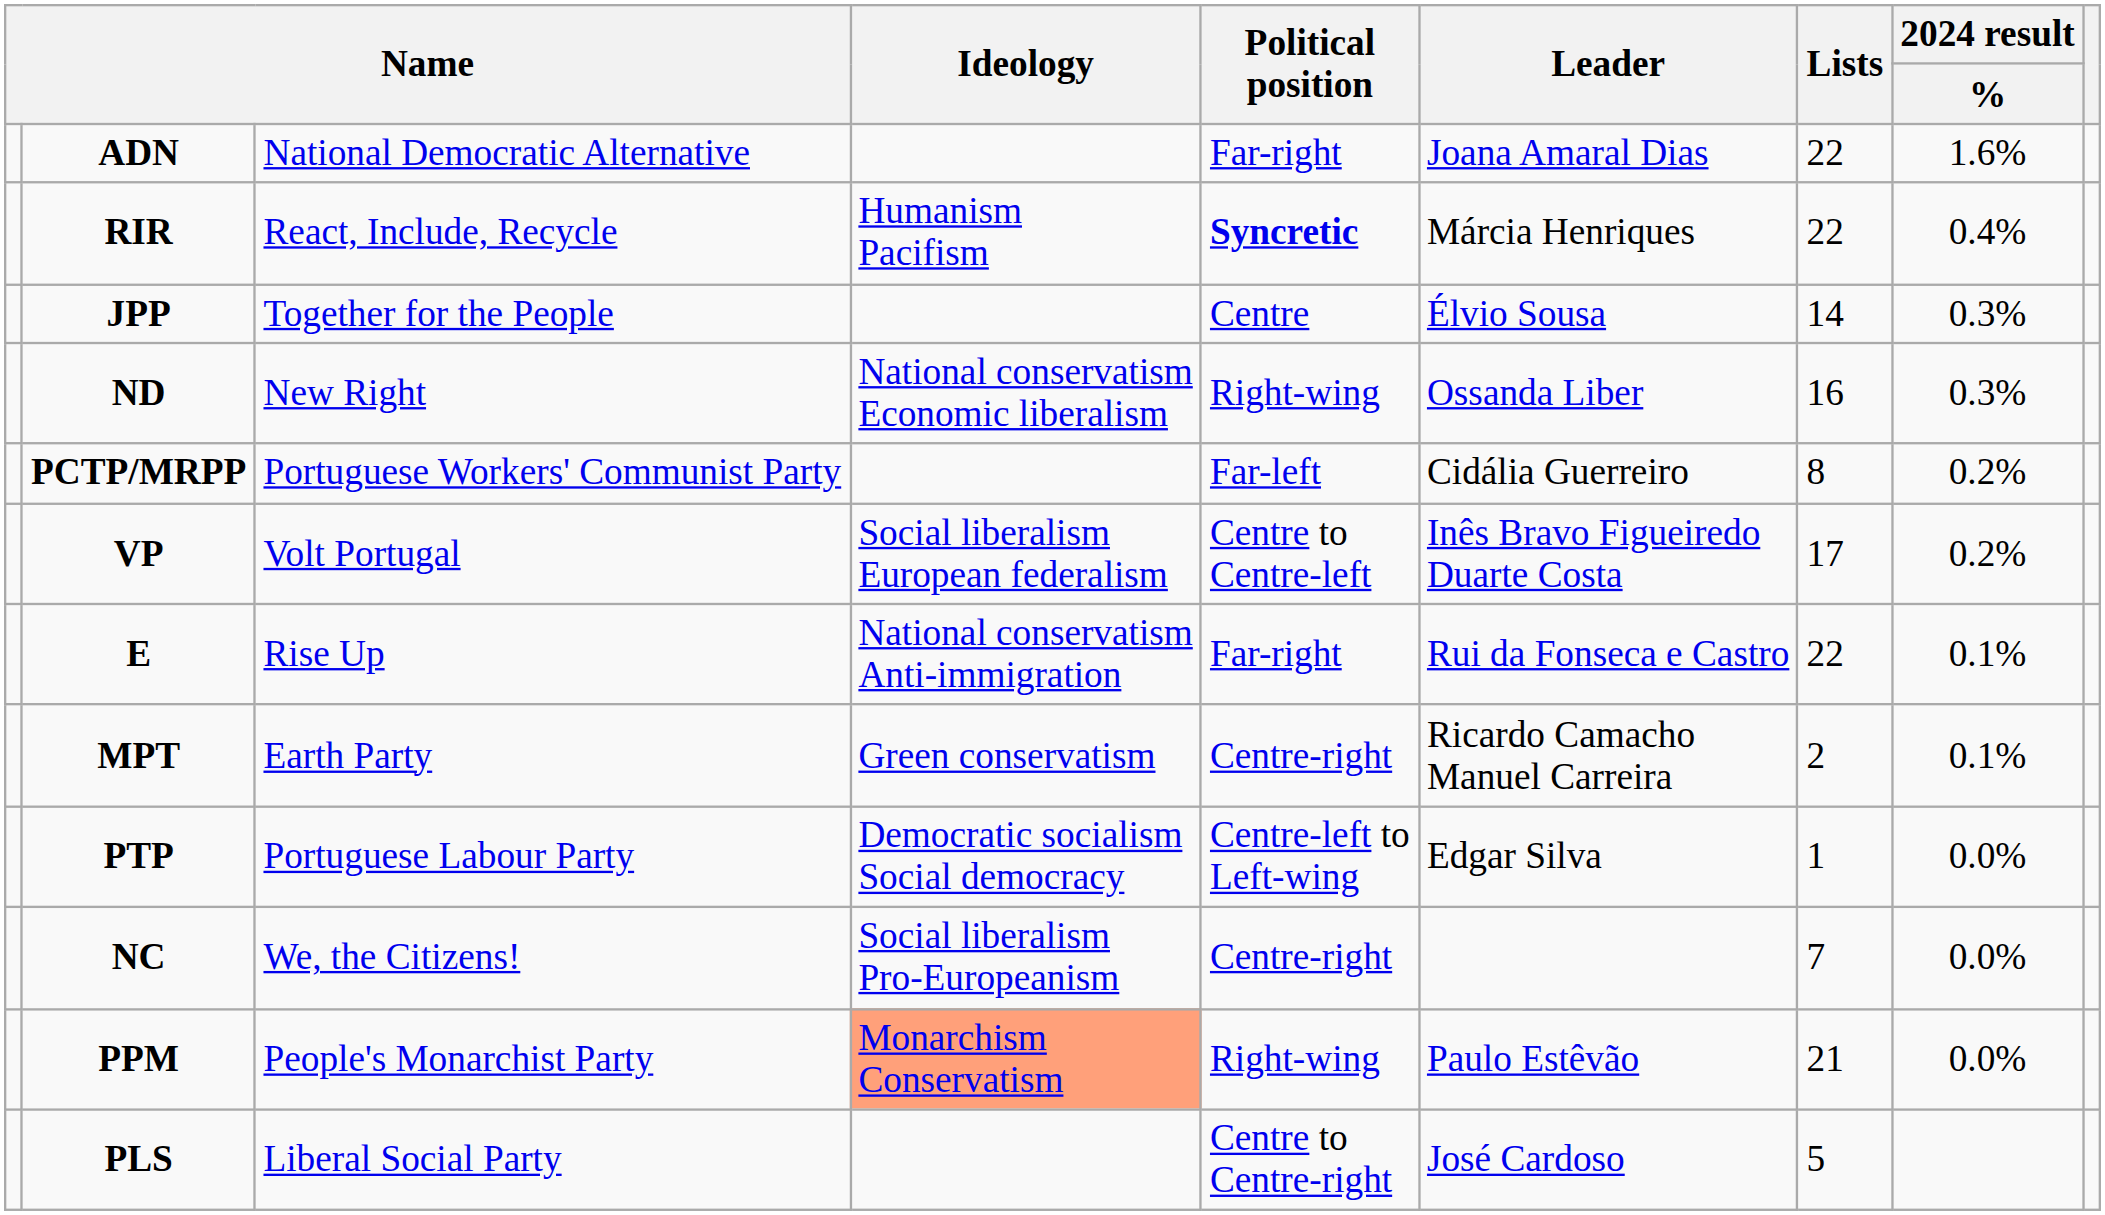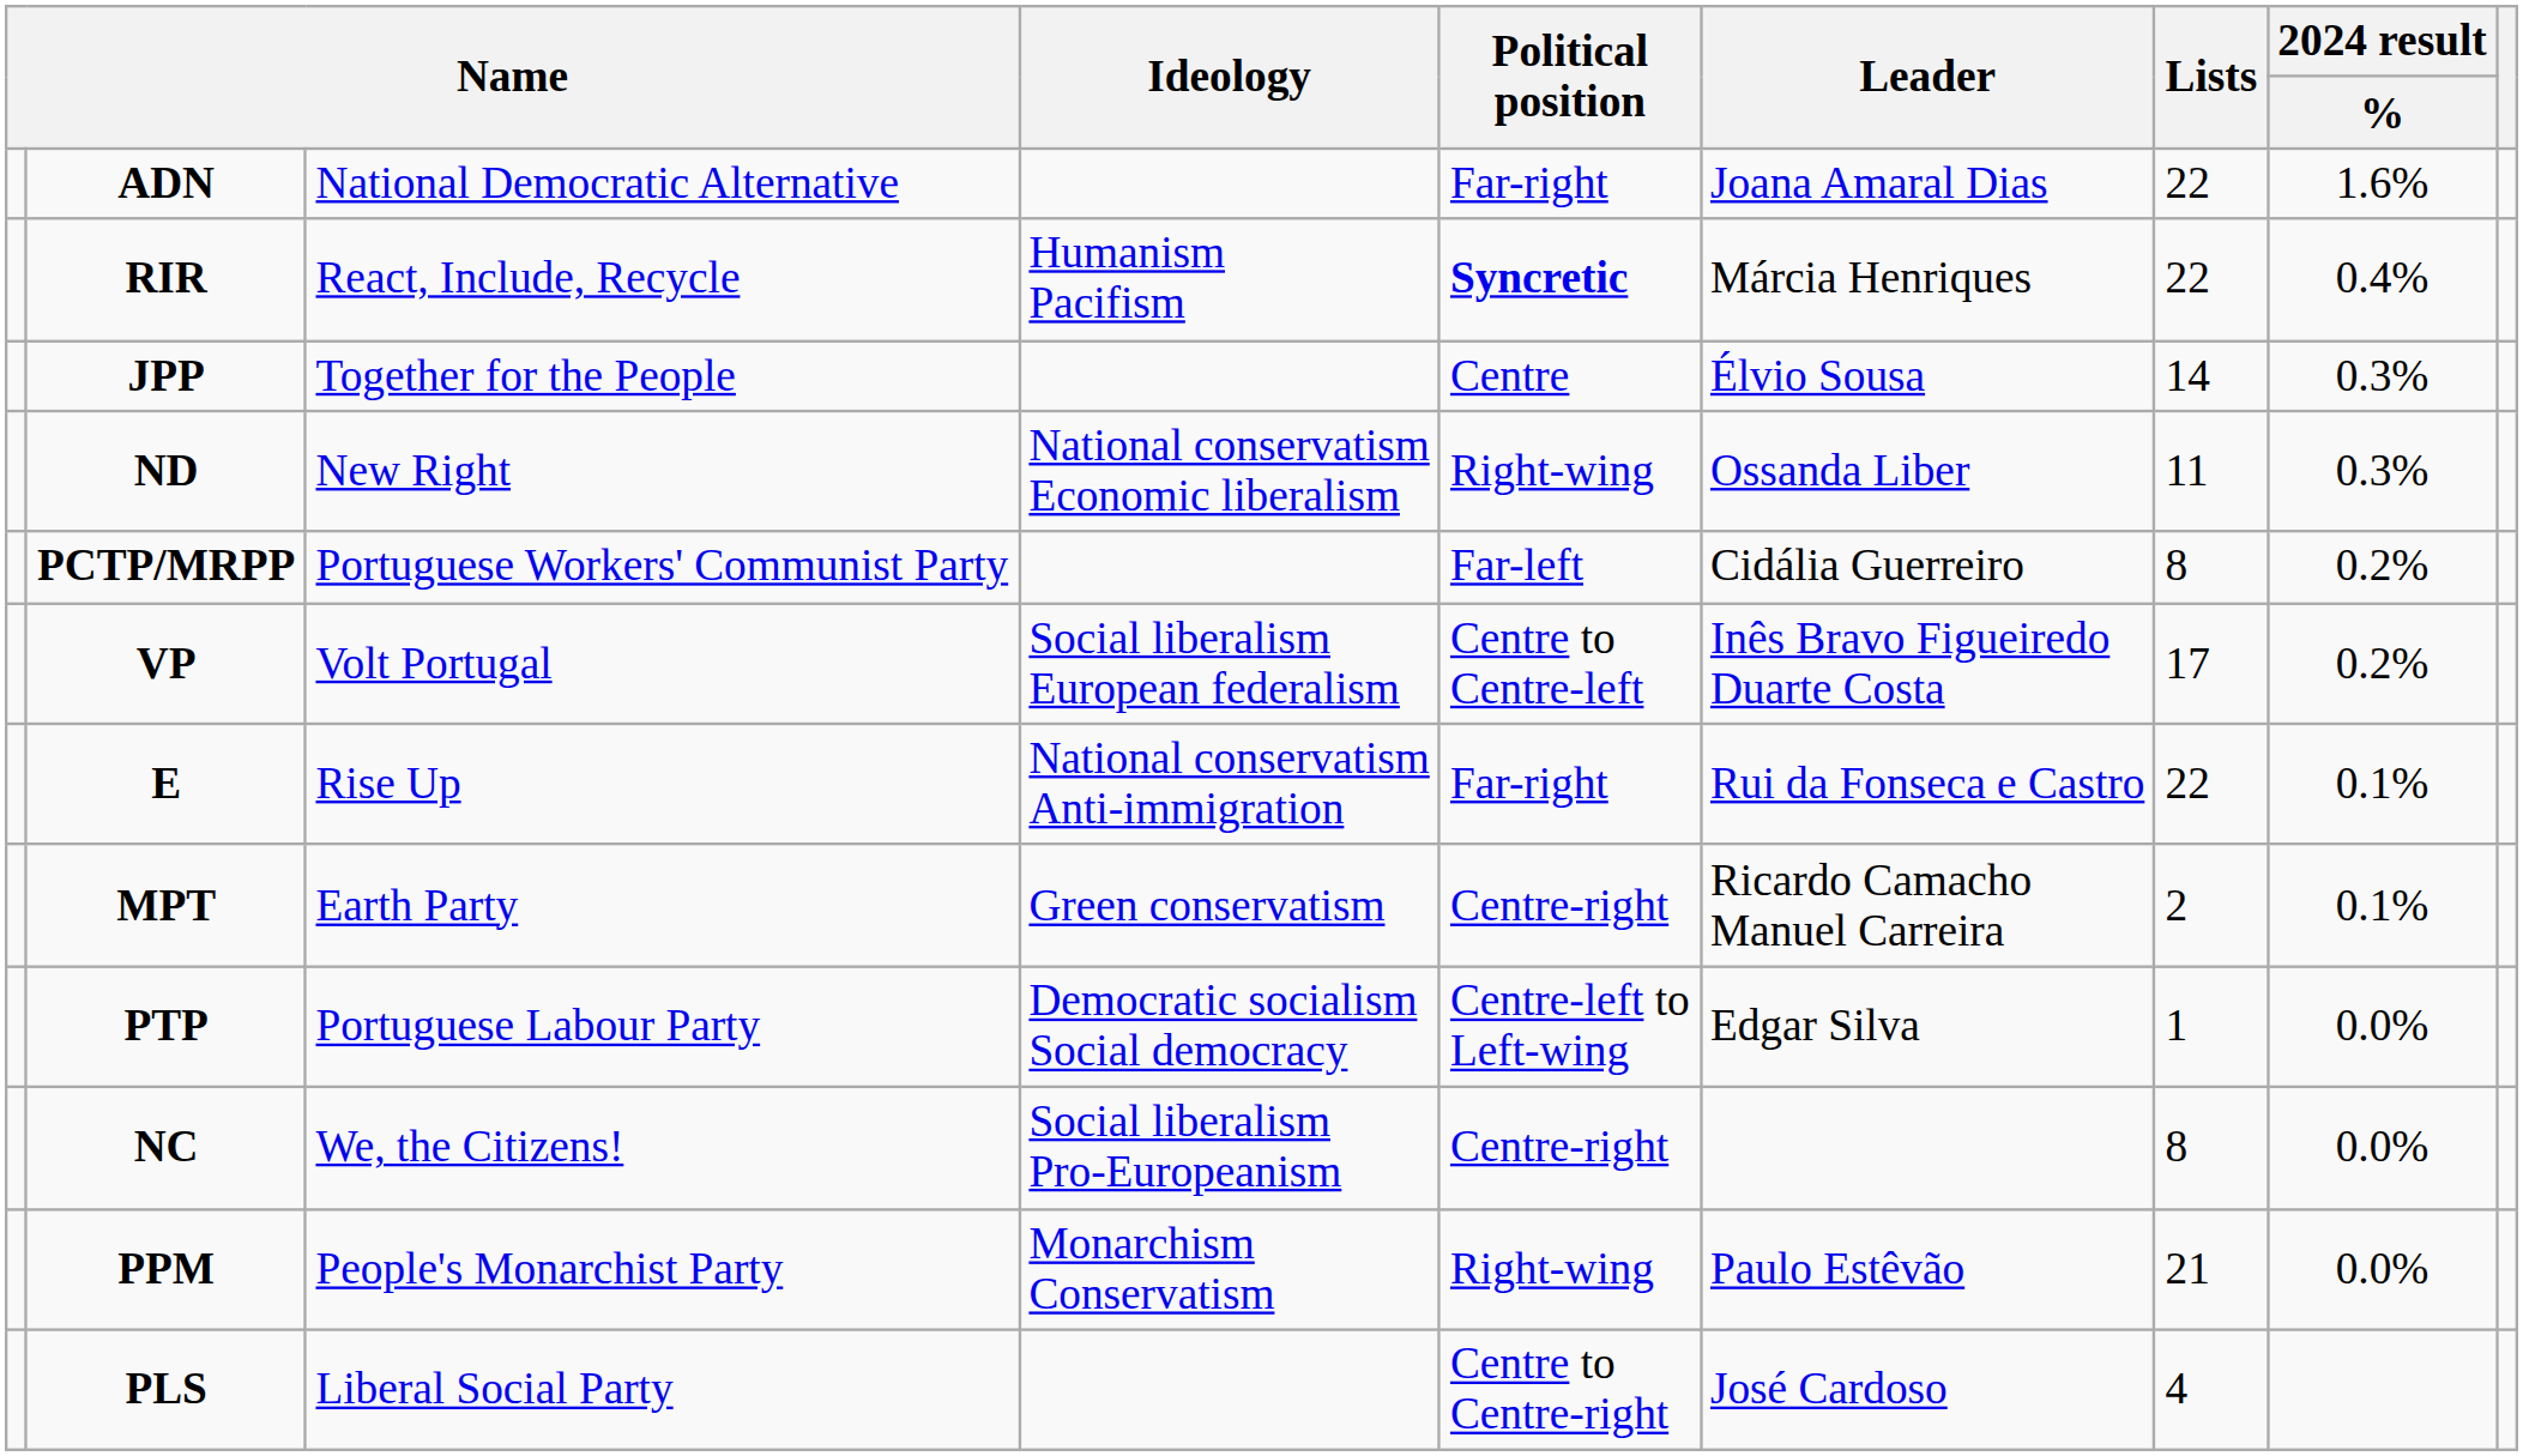 <table class="wikitable">
 <tr>
 <th colspan="3" rowspan="2" style="width:275px;">Name</th>
 <th rowspan="2">Ideology</th>
 <th rowspan="2">Political<br>position</th>
 <th rowspan="2">Leader</th>
 <th rowspan="2">Lists</th>
 <th>2024 result</th>
 <th rowspan="2"></th>
 </tr>
 <tr>
 <th>%</th>
 </tr>
 <tr>
 <td style="background:"></td>
 <td style="text-align:center;"><strong>ADN</strong></td>
 <td><a href='#'>National Democratic Alternative</a><br></td>
 <td></td>
 <td><a href='#'>Far-right</a></td>
 <td><a href='#'>Joana Amaral Dias</a></td>
 <td>22</td>
 <td style="text-align:center;">1.6%</td>
 <td></td>
 </tr>
 <tr>
 <td style="background:"></td>
 <td style="text-align:center;"><strong>RIR</strong></td>
 <td><a href='#'>React, Include, Recycle</a><br></td>
 <td><a href='#'>Humanism</a><br><a href='#'>Pacifism</a></td>
 <td><strong><a href='#'>Syncretic</a></strong></td>
 <td>Márcia Henriques</td>
 <td>22</td>
 <td style="text-align:center;">0.4%</td>
 <td></td>
 </tr>
 <tr>
 <td style="background:"></td>
 <td style="text-align:center;"><strong>JPP</strong></td>
 <td><a href='#'>Together for the People</a><br></td>
 <td></td>
 <td><a href='#'>Centre</a></td>
 <td><a href='#'>Élvio Sousa</a></td>
 <td>14</td>
 <td style="text-align:center;">0.3%</td>
 <td></td>
 </tr>
 <tr>
 <td style="background:"></td>
 <td style="text-align:center;"><strong>ND</strong></td>
 <td><a href='#'>New Right</a><br></td>
 <td><a href='#'>National conservatism</a><br><a href='#'>Economic liberalism</a></td>
 <td><a href='#'>Right-wing</a></td>
 <td><a href='#'>Ossanda Liber</a></td>
-<td>16</td>
+<td>11</td>
 <td style="text-align:center;">0.3%</td>
 <td></td>
 </tr>
 <tr>
 <td style="background:"></td>
 <td style="text-align:center;"><strong>PCTP/MRPP</strong></td>
 <td><a href='#'>Portuguese Workers' Communist Party</a><br></td>
 <td></td>
 <td><a href='#'>Far-left</a></td>
 <td>Cidália Guerreiro</td>
 <td>8</td>
 <td style="text-align:center;">0.2%</td>
 <td></td>
 </tr>
 <tr>
 <td style="background:"></td>
 <td style="text-align:center;"><strong>VP</strong></td>
 <td><a href='#'>Volt Portugal</a><br></td>
 <td><a href='#'>Social liberalism</a><br><a href='#'>European federalism</a></td>
 <td><a href='#'>Centre</a> to<br><a href='#'>Centre-left</a></td>
 <td><a href='#'>Inês Bravo Figueiredo</a><br><a href='#'>Duarte Costa</a></td>
 <td>17</td>
 <td style="text-align:center;">0.2%</td>
 <td></td>
 </tr>
 <tr>
 <td style="background:"></td>
 <td style="text-align:center;"><strong>E</strong></td>
 <td><a href='#'>Rise Up</a><br></td>
 <td><a href='#'>National conservatism</a><br><a href='#'>Anti-immigration</a></td>
 <td><a href='#'>Far-right</a></td>
 <td><a href='#'>Rui da Fonseca e Castro</a></td>
 <td>22</td>
 <td style="text-align:center;">0.1%</td>
 <td></td>
 </tr>
 <tr>
 <td style="background:"></td>
 <td style="text-align:center;"><strong>MPT</strong></td>
 <td><a href='#'>Earth Party</a><br></td>
 <td><a href='#'>Green conservatism</a></td>
 <td><a href='#'>Centre-right</a></td>
 <td>Ricardo Camacho<br>Manuel Carreira</td>
 <td>2</td>
 <td style="text-align:center;">0.1%</td>
 <td><br></td>
 </tr>
 <tr>
 <td style="background:"></td>
 <td style="text-align:center;"><strong>PTP</strong></td>
 <td><a href='#'>Portuguese Labour Party</a><br></td>
 <td><a href='#'>Democratic socialism</a><br><a href='#'>Social democracy</a></td>
 <td><a href='#'>Centre-left</a> to<br><a href='#'>Left-wing</a></td>
 <td>Edgar Silva</td>
 <td>1</td>
 <td style="text-align:center;">0.0%</td>
 <td></td>
 </tr>
 <tr>
 <td style="color:inherit;background:"></td>
 <td style="text-align:center;"><strong>NC</strong></td>
 <td><a href='#'>We, the Citizens!</a><br></td>
 <td><a href='#'>Social liberalism</a><br><a href='#'>Pro-Europeanism</a></td>
 <td><a href='#'>Centre-right</a></td>
 <td></td>
-<td>7</td>
+<td>8</td>
 <td style="text-align:center;">0.0%</td>
 <td></td>
 </tr>
 <tr>
 <td style="background:"><br></td>
 <td style="text-align:center;"><strong>PPM</strong></td>
 <td><a href='#'>People's Monarchist Party</a><br></td>
-<td style="background: lightsalmon;"><a href='#'>Monarchism</a><br><a href='#'>Conservatism</a></td>
+<td><a href='#'>Monarchism</a><br><a href='#'>Conservatism</a></td>
 <td><a href='#'>Right-wing</a></td>
 <td><a href='#'>Paulo Estêvão</a></td>
 <td>21</td>
 <td style="text-align:center;">0.0%<br></td>
 <td><br></td>
 </tr>
 <tr>
 <td style="color:inherit;background:"></td>
 <td style="text-align:center;"><strong>PLS</strong></td>
 <td><a href='#'>Liberal Social Party</a><br></td>
 <td></td>
 <td><a href='#'>Centre</a> to<br><a href='#'>Centre-right</a></td>
 <td><a href='#'>José Cardoso</a></td>
-<td>5</td>
+<td>4</td>
 <td></td>
 <td></td>
 </tr>
 </table>
